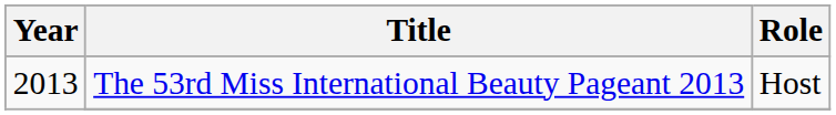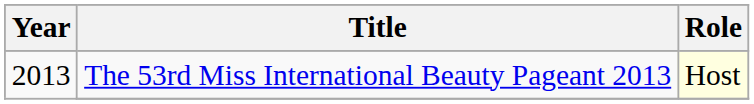 <table class="wikitable">
 <tr>
 <th>Year</th>
 <th>Title</th>
 <th>Role</th>
 </tr>
 <tr>
 <td rowspan="3">2013</td>
 <td><a href='#'>The 53rd Miss International Beauty Pageant 2013</a></td>
-<td>Host</td>
+<td style="background: lightyellow;">Host</td>
 </tr>
 <tr>
 </tr>
 </table>
